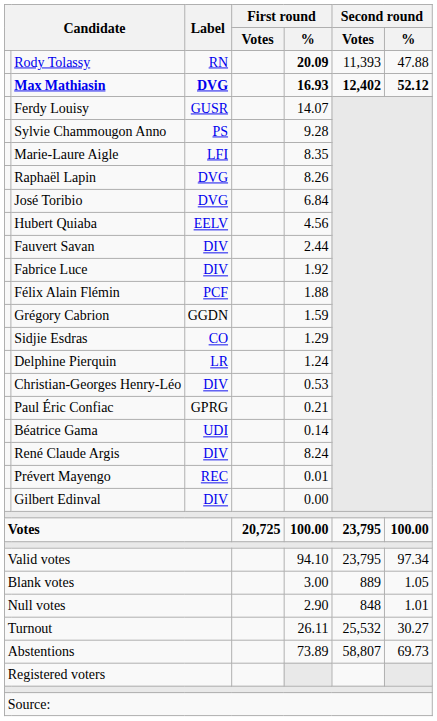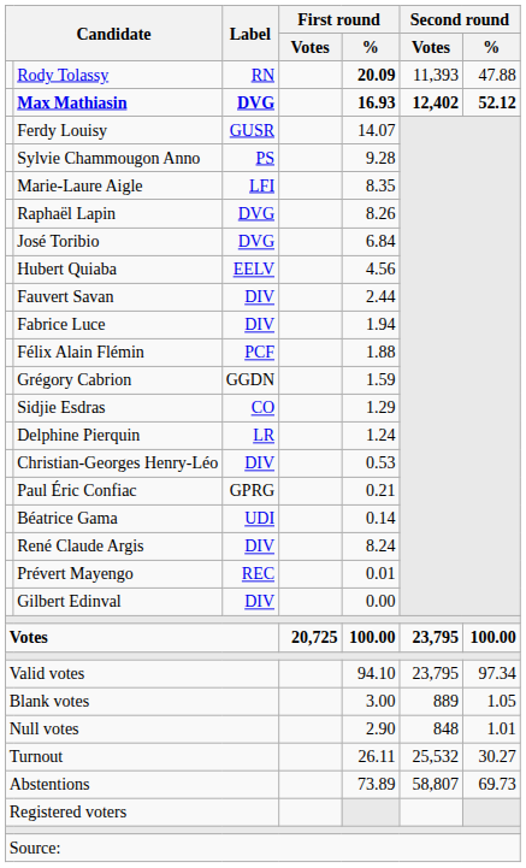 <table class="wikitable" style="text-align:right;font-size:95%;">
 <tr>
 <th rowspan="2" colspan="2">Candidate</th>
 <th rowspan="2">Label</th>
 <th colspan="2">First round</th>
 <th colspan="2">Second round</th>
 </tr>
 <tr>
 <th style="width:50px;">Votes</th>
 <th style="width:45px;">%</th>
 <th style="width:50px;">Votes</th>
 <th style="width:45px;">%</th>
 </tr>
 <tr>
 <td style="color:inherit;background:"></td>
 <td style="text-align:left;"><a href='#'>Rody Tolassy</a></td>
 <td><a href='#'>RN</a></td>
 <td><strong></strong></td>
 <td><strong>20.09</strong></td>
 <td>11,393</td>
 <td>47.88</td>
 </tr>
 <tr>
 <td style="color:inherit;background:"></td>
 <td style="text-align:left;"><strong><a href='#'>Max Mathiasin</a></strong></td>
 <td><a href='#'><strong>DVG</strong></a></td>
 <td><strong></strong></td>
 <td><strong>16.93</strong></td>
 <td><strong>12,402</strong></td>
 <td><strong>52.12</strong></td>
 </tr>
 <tr>
 <td style="color:inherit;background:"></td>
 <td style="text-align:left;">Ferdy Louisy</td>
 <td><a href='#'>GUSR</a></td>
 <td></td>
 <td>14.07</td>
 <td colspan="2" rowspan="18" style="background:#E9E9E9;"></td>
 </tr>
 <tr>
 <td style="color:inherit;background:"></td>
 <td style="text-align:left;">Sylvie Chammougon Anno</td>
 <td><a href='#'>PS</a></td>
 <td></td>
 <td>9.28</td>
 </tr>
 <tr>
 <td style="color:inherit;background:"></td>
 <td style="text-align:left;">Marie-Laure Aigle</td>
 <td><a href='#'>LFI</a></td>
 <td></td>
 <td>8.35</td>
 </tr>
 <tr>
 <td style="color:inherit;background:"></td>
 <td style="text-align:left;">Raphaël Lapin</td>
 <td><a href='#'>DVG</a></td>
 <td></td>
 <td>8.26</td>
 </tr>
 <tr>
 <td style="color:inherit;background:"></td>
 <td style="text-align:left;">José Toribio</td>
 <td><a href='#'>DVG</a></td>
 <td></td>
 <td>6.84</td>
 </tr>
 <tr>
 <td style="color:inherit;background:"></td>
 <td style="text-align:left;">Hubert Quiaba</td>
 <td><a href='#'>EELV</a></td>
 <td></td>
 <td>4.56</td>
 </tr>
 <tr>
 <td style="color:inherit;background:"></td>
 <td style="text-align:left;">Fauvert Savan</td>
 <td><a href='#'>DIV</a></td>
 <td></td>
 <td>2.44</td>
 </tr>
 <tr>
 <td style="color:inherit;background:"></td>
 <td style="text-align:left;">Fabrice Luce</td>
 <td><a href='#'>DIV</a></td>
 <td></td>
-<td>1.92</td>
+<td>1.94</td>
 </tr>
 <tr>
 <td style="color:inherit;background:"></td>
 <td style="text-align:left;">Félix Alain Flémin</td>
 <td><a href='#'>PCF</a></td>
 <td></td>
 <td>1.88</td>
 </tr>
 <tr>
 <td style="color:inherit;background:"></td>
 <td style="text-align:left;">Grégory Cabrion</td>
 <td>GGDN</td>
 <td></td>
 <td>1.59</td>
 </tr>
 <tr>
 <td style="color:inherit;background:"></td>
 <td style="text-align:left;">Sidjie Esdras</td>
 <td><a href='#'>CO</a></td>
 <td></td>
 <td>1.29</td>
 </tr>
 <tr>
 <td style="color:inherit;background:"></td>
 <td style="text-align:left;">Delphine Pierquin</td>
 <td><a href='#'>LR</a></td>
 <td></td>
 <td>1.24</td>
 </tr>
 <tr>
 <td style="color:inherit;background:"></td>
 <td style="text-align:left;">Christian-Georges Henry-Léo</td>
 <td><a href='#'>DIV</a></td>
 <td></td>
 <td>0.53</td>
 </tr>
 <tr>
 <td style="color:inherit;background:"></td>
 <td style="text-align:left;">Paul Éric Confiac</td>
 <td>GPRG</td>
 <td></td>
 <td>0.21</td>
 </tr>
 <tr>
 <td style="color:inherit;background:"></td>
 <td style="text-align:left;">Béatrice Gama</td>
 <td><a href='#'>UDI</a></td>
 <td></td>
 <td>0.14</td>
 </tr>
 <tr>
 <td style="color:inherit;background:"></td>
 <td style="text-align:left;">René Claude Argis</td>
 <td><a href='#'>DIV</a></td>
 <td></td>
 <td>8.24</td>
 </tr>
 <tr>
 <td style="color:inherit;background:"></td>
 <td style="text-align:left;">Prévert Mayengo</td>
 <td><a href='#'>REC</a></td>
 <td></td>
 <td>0.01</td>
 </tr>
 <tr>
 <td style="color:inherit;background:"></td>
 <td style="text-align:left;">Gilbert Edinval</td>
 <td><a href='#'>DIV</a></td>
 <td></td>
 <td>0.00</td>
 </tr>
 <tr>
 <td colspan="7" style="background:#E9E9E9;"></td>
 </tr>
 <tr style="font-weight:bold;">
 <td colspan="3" style="text-align:left;">Votes</td>
 <td>20,725</td>
 <td>100.00</td>
 <td>23,795</td>
 <td>100.00</td>
 </tr>
 <tr>
 <td colspan="7" style="background:#E9E9E9;"></td>
 </tr>
 <tr>
 <td colspan="3" style="text-align:left;">Valid votes</td>
 <td></td>
 <td>94.10</td>
 <td>23,795</td>
 <td>97.34</td>
 </tr>
 <tr>
 <td colspan="3" style="text-align:left;">Blank votes</td>
 <td></td>
 <td>3.00</td>
 <td>889</td>
 <td>1.05</td>
 </tr>
 <tr>
 <td colspan="3" style="text-align:left;">Null votes</td>
 <td></td>
 <td>2.90</td>
 <td>848</td>
 <td>1.01</td>
 </tr>
 <tr>
 <td colspan="3" style="text-align:left;">Turnout</td>
 <td></td>
 <td>26.11</td>
 <td>25,532</td>
 <td>30.27</td>
 </tr>
 <tr>
 <td colspan="3" style="text-align:left;">Abstentions</td>
 <td></td>
 <td>73.89</td>
 <td>58,807</td>
 <td>69.73</td>
 </tr>
 <tr>
 <td colspan="3" style="text-align:left;">Registered voters</td>
 <td></td>
 <td style="background:#E9E9E9;"></td>
 <td></td>
 <td style="background:#E9E9E9;"></td>
 </tr>
 <tr>
 <td colspan="7" style="background:#E9E9E9;"></td>
 </tr>
 <tr>
 <td colspan="7" style="text-align:left;">Source: </td>
 </tr>
 </table>
